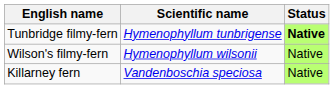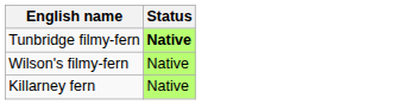 <table class="wikitable" |>
 <tr>
 <th>English name</th>
-<th>Scientific name</th>
 <th>Status</th>
 </tr>
 <tr>
 <td>Tunbridge filmy-fern</td>
-<td><em><a href='#'>Hymenophyllum tunbrigense</a></em></td>
 <td style="background: #B9FF72; text-align: "><strong>Native</strong></td>
 </tr>
 <tr>
 <td>Wilson's filmy-fern</td>
-<td><em><a href='#'>Hymenophyllum wilsonii</a></em></td>
 <td style="background: #B9FF72; text-align: ">Native</td>
 </tr>
 <tr>
 <td>Killarney fern</td>
-<td><em><a href='#'>Vandenboschia speciosa</a></em></td>
 <td style="background: #B9FF72; text-align: ">Native</td>
 </tr>
 </table>
